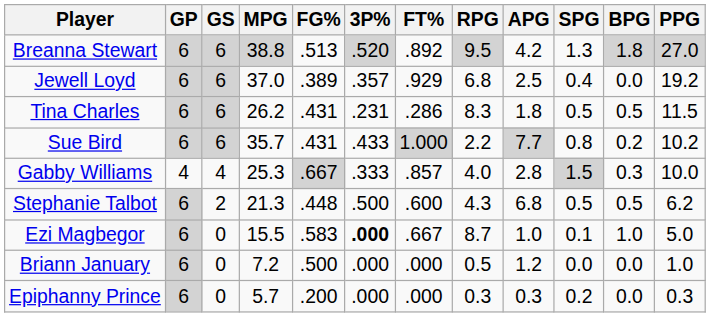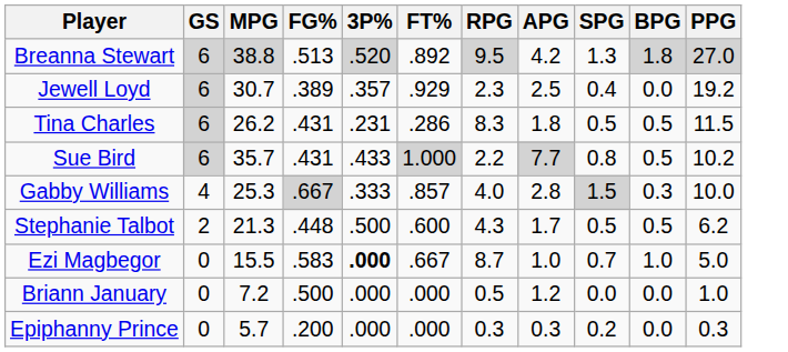 <table class="wikitable sortable" style="text-align:center">
 <tr>
 <th>Player</th>
-<th>GP</th>
 <th>GS</th>
 <th>MPG</th>
 <th>FG%</th>
 <th>3P%</th>
 <th>FT%</th>
 <th>RPG</th>
 <th>APG</th>
 <th>SPG</th>
 <th>BPG</th>
 <th>PPG</th>
 </tr>
 <tr>
 <td><a href='#'>Breanna Stewart</a></td>
 <td style="background:#D3D3D3;">6</td>
-<td style="background:#D3D3D3;">6</td>
 <td style="background:#D3D3D3;">38.8</td>
 <td>.513</td>
 <td style="background:#D3D3D3;">.520</td>
 <td>.892</td>
 <td style="background:#D3D3D3;">9.5</td>
 <td>4.2</td>
 <td>1.3</td>
 <td style="background:#D3D3D3;">1.8</td>
 <td style="background:#D3D3D3;">27.0</td>
 </tr>
 <tr>
 <td><a href='#'>Jewell Loyd</a></td>
 <td style="background:#D3D3D3;">6</td>
-<td style="background:#D3D3D3;">6</td>
-<td>37.0</td>
+<td>30.7</td>
 <td>.389</td>
 <td>.357</td>
 <td>.929</td>
-<td>6.8</td>
+<td>2.3</td>
 <td>2.5</td>
 <td>0.4</td>
 <td>0.0</td>
 <td>19.2</td>
 </tr>
 <tr>
 <td><a href='#'>Tina Charles</a></td>
-<td style="background:#D3D3D3;">6</td>
 <td style="background:#D3D3D3;">6</td>
 <td>26.2</td>
 <td>.431</td>
 <td>.231</td>
 <td>.286</td>
 <td>8.3</td>
 <td>1.8</td>
 <td>0.5</td>
 <td>0.5</td>
 <td>11.5</td>
 </tr>
 <tr>
 <td><a href='#'>Sue Bird</a></td>
 <td style="background:#D3D3D3;">6</td>
-<td style="background:#D3D3D3;">6</td>
 <td>35.7</td>
 <td>.431</td>
 <td>.433</td>
 <td style="background:#D3D3D3;">1.000</td>
 <td>2.2</td>
 <td style="background:#D3D3D3;">7.7</td>
 <td>0.8</td>
-<td>0.2</td>
+<td>0.5</td>
 <td>10.2</td>
 </tr>
 <tr>
 <td><a href='#'>Gabby Williams</a></td>
-<td>4</td>
 <td>4</td>
 <td>25.3</td>
 <td style="background:#D3D3D3;">.667</td>
 <td>.333</td>
 <td>.857</td>
 <td>4.0</td>
 <td>2.8</td>
 <td style="background:#D3D3D3;">1.5</td>
 <td>0.3</td>
 <td>10.0</td>
 </tr>
 <tr>
 <td><a href='#'>Stephanie Talbot</a></td>
-<td style="background:#D3D3D3;">6</td>
 <td>2</td>
 <td>21.3</td>
 <td>.448</td>
 <td>.500</td>
 <td>.600</td>
 <td>4.3</td>
-<td>6.8</td>
+<td>1.7</td>
 <td>0.5</td>
 <td>0.5</td>
 <td>6.2</td>
 </tr>
 <tr>
 <td><a href='#'>Ezi Magbegor</a></td>
-<td style="background:#D3D3D3;">6</td>
 <td>0</td>
 <td>15.5</td>
 <td>.583</td>
 <td><strong>.000</strong></td>
 <td>.667</td>
 <td>8.7</td>
 <td>1.0</td>
-<td>0.1</td>
+<td>0.7</td>
 <td>1.0</td>
 <td>5.0</td>
 </tr>
 <tr>
 <td><a href='#'>Briann January</a></td>
-<td style="background:#D3D3D3;">6</td>
 <td>0</td>
 <td>7.2</td>
 <td>.500</td>
 <td>.000</td>
 <td>.000</td>
 <td>0.5</td>
 <td>1.2</td>
 <td>0.0</td>
 <td>0.0</td>
 <td>1.0</td>
 </tr>
 <tr>
 <td><a href='#'>Epiphanny Prince</a></td>
-<td style="background:#D3D3D3;">6</td>
 <td>0</td>
 <td>5.7</td>
 <td>.200</td>
 <td>.000</td>
 <td>.000</td>
 <td>0.3</td>
 <td>0.3</td>
 <td>0.2</td>
 <td>0.0</td>
 <td>0.3</td>
 </tr>
 </table>
